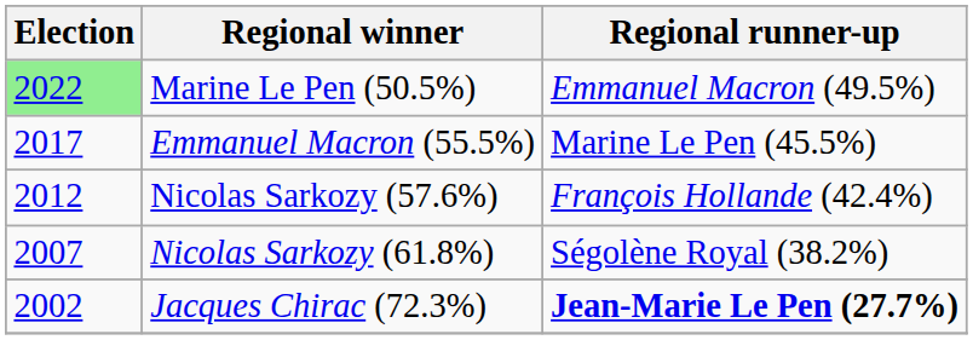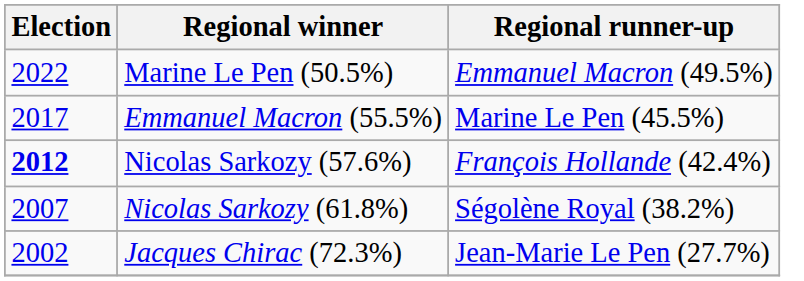 <table class="wikitable">
 <tr>
 <th>Election</th>
 <th>Regional winner</th>
 <th>Regional runner-up</th>
 </tr>
 <tr>
-<td style="background: lightgreen;"><a href='#'>2022</a></td>
+<td><a href='#'>2022</a></td>
 <td><a href='#'>Marine Le Pen</a> (50.5%)</td>
 <td><em><a href='#'>Emmanuel Macron</a></em> (49.5%)</td>
 </tr>
 <tr>
 <td><a href='#'>2017</a></td>
 <td><em><a href='#'>Emmanuel Macron</a></em> (55.5%)</td>
 <td><a href='#'>Marine Le Pen</a> (45.5%)</td>
 </tr>
 <tr>
-<td><a href='#'>2012</a></td>
+<td><strong><a href='#'>2012</a></strong></td>
 <td><a href='#'>Nicolas Sarkozy</a> (57.6%)</td>
 <td><em><a href='#'>François Hollande</a></em> (42.4%)</td>
 </tr>
 <tr>
 <td><a href='#'>2007</a></td>
 <td><em><a href='#'>Nicolas Sarkozy</a></em> (61.8%)</td>
 <td><a href='#'>Ségolène Royal</a> (38.2%)</td>
 </tr>
 <tr>
 <td><a href='#'>2002</a></td>
 <td><em><a href='#'>Jacques Chirac</a></em> (72.3%)</td>
-<td><strong><a href='#'>Jean-Marie Le Pen</a> (27.7%)</strong></td>
+<td><a href='#'>Jean-Marie Le Pen</a> (27.7%)</td>
 </tr>
 <tr>
 </tr>
 </table>
